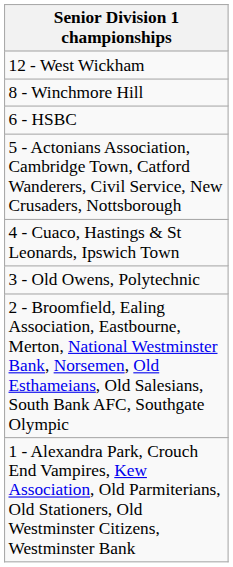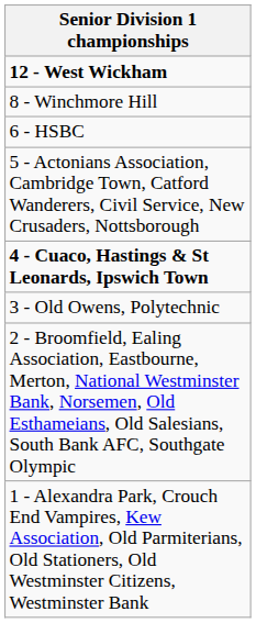 <table class="wikitable" style="text-align: left">
 <tr>
 <th width=200>Senior Division 1 championships</th>
 </tr>
 <tr>
-<td>12 - West Wickham</td>
+<td><strong>12 - West Wickham</strong></td>
 </tr>
 <tr>
 <td>8 - Winchmore Hill</td>
 </tr>
 <tr>
 <td>6 - HSBC</td>
 </tr>
 <tr>
 <td>5 - Actonians Association, Cambridge Town, Catford Wanderers, Civil Service, New Crusaders, Nottsborough</td>
 </tr>
 <tr>
-<td>4 - Cuaco, Hastings & St Leonards, Ipswich Town</td>
+<td><strong>4 - Cuaco, Hastings & St Leonards, Ipswich Town</strong></td>
 </tr>
 <tr>
 <td>3 - Old Owens, Polytechnic</td>
 </tr>
 <tr>
 <td>2 - Broomfield, Ealing Association, Eastbourne, Merton, <a href='#'>National Westminster Bank</a>, <a href='#'>Norsemen</a>, <a href='#'>Old Esthameians</a>, Old Salesians, South Bank AFC, Southgate Olympic</td>
 </tr>
 <tr>
 <td>1 - Alexandra Park, Crouch End Vampires, <a href='#'>Kew Association</a>, Old Parmiterians, Old Stationers, Old Westminster Citizens, Westminster Bank</td>
 </tr>
 </table>
